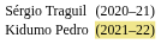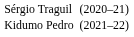 <table border="0">
 <tr>
 <td> Sérgio Traguil</td>
 <td></td>
 <td align=center>(2020–21)</td>
 <td></td>
 </tr>
 <tr>
 <td> Kidumo Pedro</td>
 <td></td>
-<td align=center style="background: khaki;">(2021–22)</td>
+<td align=center>(2021–22)</td>
 </tr>
 </table>
